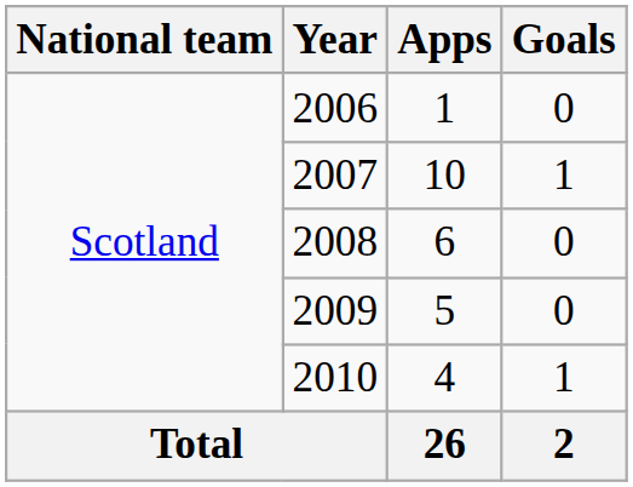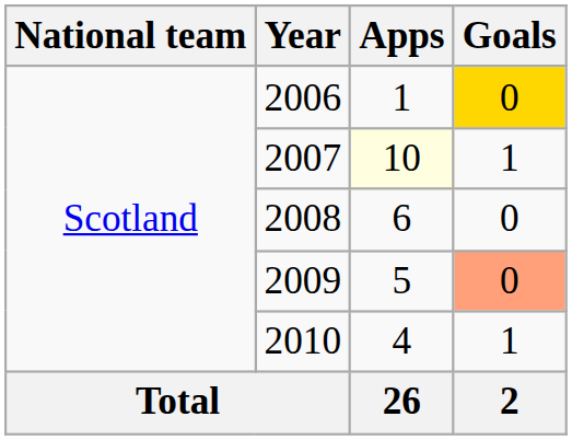 <table class="wikitable" style="text-align: center;">
 <tr>
 <th>National team</th>
 <th>Year</th>
 <th>Apps</th>
 <th>Goals</th>
 </tr>
 <tr>
 <td rowspan="5"><a href='#'>Scotland</a></td>
 <td>2006</td>
 <td>1</td>
-<td>0</td>
+<td style="background: gold;">0</td>
 </tr>
 <tr>
 <td>2007</td>
-<td>10</td>
+<td style="background: lightyellow;">10</td>
 <td>1</td>
 </tr>
 <tr>
 <td>2008</td>
 <td>6</td>
 <td>0</td>
 </tr>
 <tr>
 <td>2009</td>
 <td>5</td>
-<td>0</td>
+<td style="background: lightsalmon;">0</td>
 </tr>
 <tr>
 <td>2010</td>
 <td>4</td>
 <td>1</td>
 </tr>
 <tr>
 <th colspan="2">Total</th>
 <th>26</th>
 <th>2</th>
 </tr>
 </table>
